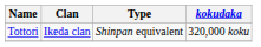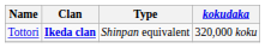 <table class="wikitable">
 <tr>
 <th>Name</th>
 <th>Clan</th>
 <th>Type</th>
 <th><em><a href='#'>kokudaka</a></em></th>
 </tr>
 <tr>
 <td> <a href='#'>Tottori</a></td>
-<td><a href='#'>Ikeda clan</a></td>
+<td><strong><a href='#'>Ikeda clan</a></strong></td>
 <td><em>Shinpan</em> equivalent</td>
 <td>320,000 <em>koku</em></td>
 </tr>
 <tr>
 </tr>
 </table>
